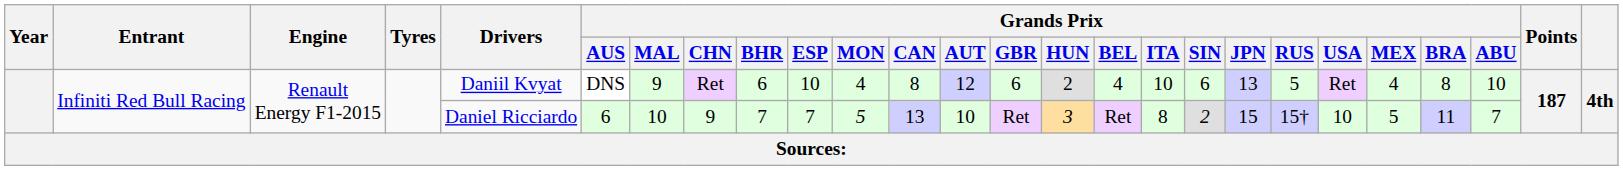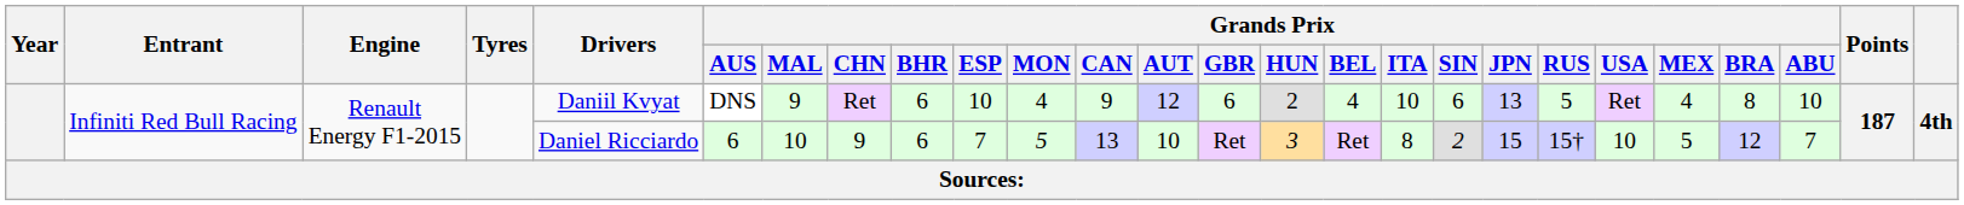 <table class="wikitable" style="text-align:center; font-size:90%">
 <tr>
 <th rowspan="2">Year</th>
 <th rowspan="2">Entrant</th>
 <th rowspan="2">Engine</th>
 <th rowspan="2">Tyres</th>
 <th rowspan="2">Drivers</th>
 <th colspan="19">Grands Prix</th>
 <th rowspan="2">Points</th>
 <th rowspan="2"></th>
 </tr>
 <tr>
 <th><a href='#'>AUS</a></th>
 <th><a href='#'>MAL</a></th>
 <th><a href='#'>CHN</a></th>
 <th><a href='#'>BHR</a></th>
 <th><a href='#'>ESP</a></th>
 <th><a href='#'>MON</a></th>
 <th><a href='#'>CAN</a></th>
 <th><a href='#'>AUT</a></th>
 <th><a href='#'>GBR</a></th>
 <th><a href='#'>HUN</a></th>
 <th><a href='#'>BEL</a></th>
 <th><a href='#'>ITA</a></th>
 <th><a href='#'>SIN</a></th>
 <th><a href='#'>JPN</a></th>
 <th><a href='#'>RUS</a></th>
 <th><a href='#'>USA</a></th>
 <th><a href='#'>MEX</a></th>
 <th><a href='#'>BRA</a></th>
 <th><a href='#'>ABU</a></th>
 </tr>
 <tr>
 <th rowspan=2></th>
 <td rowspan=2><a href='#'>Infiniti Red Bull Racing</a></td>
 <td rowspan=2><a href='#'>Renault</a><br>Energy F1-2015</td>
 <td rowspan=2></td>
 <td>  <a href='#'>Daniil Kvyat</a></td>
 <td style="background-color:#FFFFFF">DNS</td>
 <td style="background-color:#DFFFDF">9</td>
 <td style="background-color:#EFCFFF">Ret</td>
 <td style="background-color:#DFFFDF">6</td>
 <td style="background-color:#DFFFDF">10</td>
 <td style="background-color:#DFFFDF">4</td>
-<td style="background-color:#DFFFDF">8</td>
+<td style="background-color:#DFFFDF">9</td>
 <td style="background-color:#CFCFFF">12</td>
 <td style="background-color:#DFFFDF">6</td>
 <td style="background-color:#DFDFDF">2</td>
 <td style="background-color:#DFFFDF">4</td>
 <td style="background-color:#DFFFDF">10</td>
 <td style="background-color:#DFFFDF">6</td>
 <td style="background-color:#CFCFFF">13</td>
 <td style="background-color:#DFFFDF">5</td>
 <td style="background-color:#EFCFFF">Ret</td>
 <td style="background-color:#DFFFDF">4</td>
 <td style="background-color:#DFFFDF">8</td>
 <td style="background-color:#DFFFDF">10</td>
 <th rowspan="2">187</th>
 <th rowspan="2">4th</th>
 </tr>
 <tr>
 <td> <a href='#'>Daniel Ricciardo</a></td>
 <td style="background-color:#DFFFDF">6</td>
 <td style="background-color:#DFFFDF">10</td>
 <td style="background-color:#DFFFDF">9</td>
-<td style="background-color:#DFFFDF">7</td>
+<td style="background-color:#DFFFDF">6</td>
 <td style="background-color:#DFFFDF">7</td>
 <td style="background-color:#DFFFDF"><em>5</em></td>
 <td style="background-color:#CFCFFF">13</td>
 <td style="background-color:#DFFFDF">10</td>
 <td style="background-color:#EFCFFF">Ret</td>
 <td style="background-color:#ffdf9f"><em>3</em></td>
 <td style="background-color:#EFCFFF">Ret</td>
 <td style="background-color:#DFFFDF">8</td>
 <td style="background-color:#DFDFDF"><em>2</em></td>
 <td style="background-color:#CFCFFF">15</td>
 <td style="background-color:#CFCFFF">15†</td>
 <td style="background-color:#DFFFDF">10</td>
 <td style="background-color:#DFFFDF">5</td>
-<td style="background-color:#CFCFFF">11</td>
+<td style="background-color:#CFCFFF">12</td>
 <td style="background-color:#DFFFDF">7</td>
 </tr>
 <tr>
 <th colspan="26">Sources:</th>
 </tr>
 </table>
